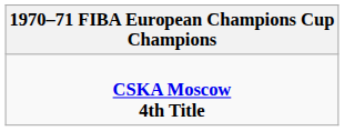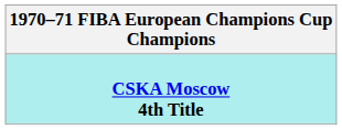 <table class=wikitable style="text-align:center; margin:auto">
 <tr>
 <th>1970–71 FIBA European Champions Cup<br>Champions</th>
 </tr>
 <tr>
-<td> <br> <strong><a href='#'>CSKA Moscow</a></strong> <br> <strong>4th Title</strong></td>
+<td style="background: paleturquoise;"> <br> <strong><a href='#'>CSKA Moscow</a></strong> <br> <strong>4th Title</strong></td>
 </tr>
 </table>
